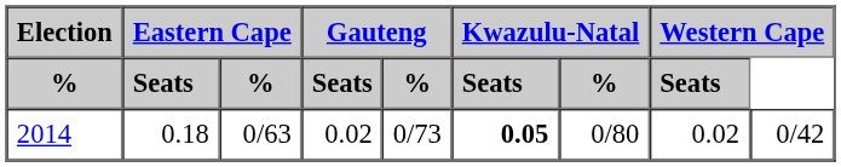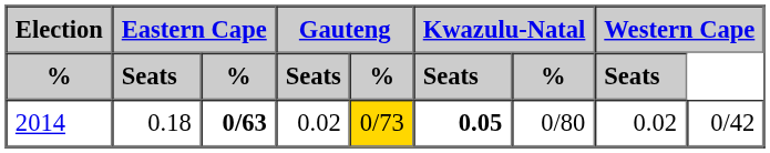 <table border="1" cellspacing="0" cellpadding="5">
 <tr ---- bgcolor="#cccccc">
 <th rowspan="2">Election</th>
 <th colspan="2"><a href='#'>Eastern Cape</a></th>
 <th colspan="2"><a href='#'>Gauteng</a></th>
 <th colspan="2"><a href='#'>Kwazulu-Natal</a></th>
 <th colspan="2"><a href='#'>Western Cape</a></th>
 </tr>
 <tr>
 </tr>
 <tr ---- bgcolor="#cccccc">
 <td align="center"><strong>%</strong></td>
 <td><strong>Seats</strong></td>
 <td align="center"><strong>%</strong></td>
 <td><strong>Seats</strong></td>
 <td align="center"><strong>%</strong></td>
 <td><strong>Seats</strong></td>
 <td align="center"><strong>%</strong></td>
 <td><strong>Seats</strong></td>
 </tr>
 <tr>
 <td><a href='#'>2014</a></td>
 <td align="right">0.18</td>
-<td align="right">0/63</td>
+<td align="right"><strong>0/63</strong></td>
 <td align="right">0.02</td>
-<td align="right">0/73</td>
+<td align="right" style="background: gold;">0/73</td>
 <td align="right"><strong>0.05</strong></td>
 <td align="right">0/80</td>
 <td align="right">0.02</td>
 <td align="right">0/42</td>
 </tr>
 <tr>
 </tr>
 </table>
